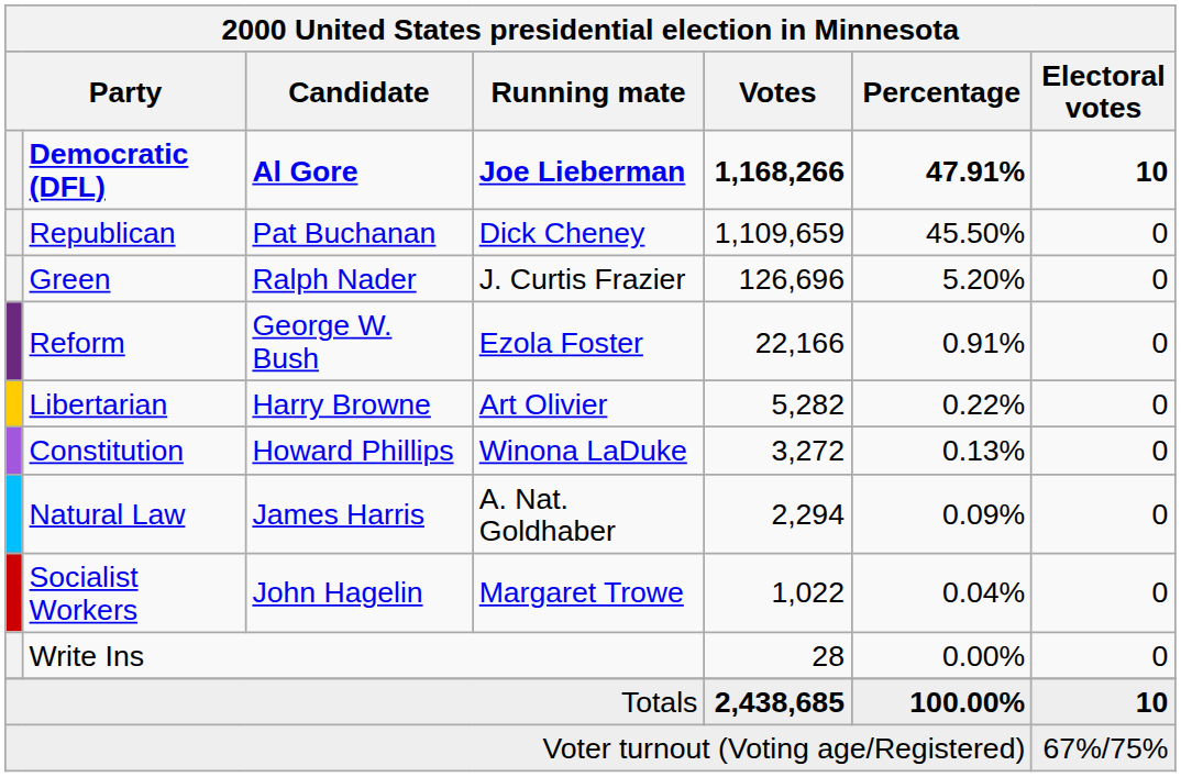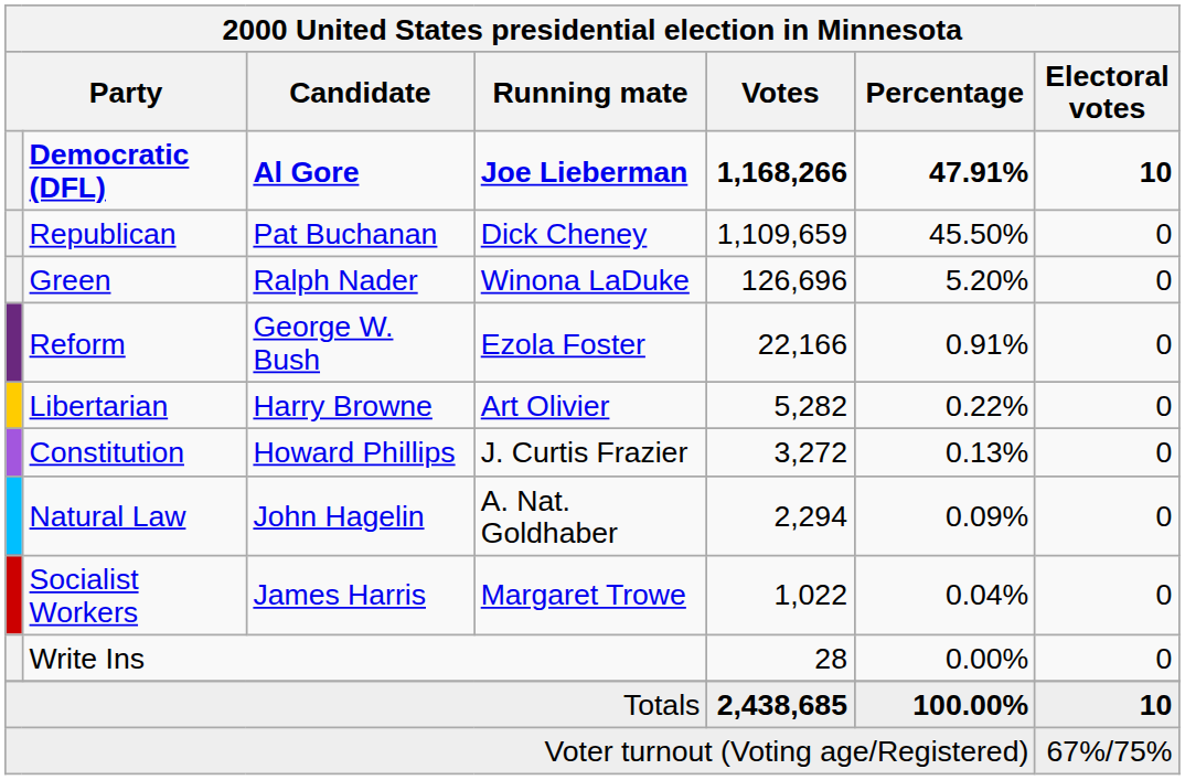 <table class="wikitable" style="font-size: 95%;">
 <tr>
 <th colspan="7">2000 United States presidential election in Minnesota</th>
 </tr>
 <tr>
 <th colspan="2" style="width: 15em">Party</th>
 <th style="width: 17em">Candidate</th>
 <th style="width: 17em">Running mate</th>
 <th style="width: 5em">Votes</th>
 <th style="width: 7em">Percentage</th>
 <th style="width: 5em">Electoral votes</th>
 </tr>
 <tr>
 <th style="background-color:"></th>
 <td style="width: 130px"><strong><a href='#'>Democratic (DFL)</a></strong></td>
 <td><strong><a href='#'>Al Gore</a></strong></td>
 <td><strong><a href='#'>Joe Lieberman</a></strong></td>
 <td align="right"><strong>1,168,266</strong></td>
 <td align="right"><strong>47.91%</strong></td>
 <td align="right"><strong>10</strong></td>
 </tr>
 <tr>
 <th style="background-color:"></th>
 <td style="width: 130px"><a href='#'>Republican</a></td>
 <td><a href='#'>Pat Buchanan</a></td>
 <td><a href='#'>Dick Cheney</a></td>
 <td align="right">1,109,659</td>
 <td align="right">45.50%</td>
 <td align="right">0</td>
 </tr>
 <tr>
 <th style="background-color:"></th>
 <td style="width: 130px"><a href='#'>Green</a></td>
 <td><a href='#'>Ralph Nader</a></td>
-<td>J. Curtis Frazier</td>
+<td><a href='#'>Winona LaDuke</a></td>
 <td align="right">126,696</td>
 <td align="right">5.20%</td>
 <td align="right">0</td>
 </tr>
 <tr>
 <th style="background-color:#6A287E; width: 3px"></th>
 <td style="width: 130px"><a href='#'>Reform</a></td>
 <td><a href='#'>George W. Bush</a></td>
 <td><a href='#'>Ezola Foster</a></td>
 <td align="right">22,166</td>
 <td align="right">0.91%</td>
 <td align="right">0</td>
 </tr>
 <tr>
 <th style="background-color:#FFCC00; width: 3px"></th>
 <td style="width: 130px"><a href='#'>Libertarian</a></td>
 <td><a href='#'>Harry Browne</a></td>
 <td><a href='#'>Art Olivier</a></td>
 <td align="right">5,282</td>
 <td align="right">0.22%</td>
 <td align="right">0</td>
 </tr>
 <tr>
 <th style="background-color:#a356de; width: 3px"></th>
 <td style="width: 130px"><a href='#'>Constitution</a></td>
 <td><a href='#'>Howard Phillips</a></td>
-<td><a href='#'>Winona LaDuke</a></td>
+<td>J. Curtis Frazier</td>
 <td align="right">3,272</td>
 <td align="right">0.13%</td>
 <td align="right">0</td>
 </tr>
 <tr>
 <th style="background-color:#00BFFF; width: 3px"></th>
 <td style="width: 130px"><a href='#'>Natural Law</a></td>
-<td><a href='#'>James Harris</a></td>
+<td><a href='#'>John Hagelin</a></td>
 <td>A. Nat. Goldhaber</td>
 <td align="right">2,294</td>
 <td align="right">0.09%</td>
 <td align="right">0</td>
 </tr>
 <tr>
 <th style="background-color:#CC0000; width: 3px"></th>
 <td style="width: 130px"><a href='#'>Socialist Workers</a></td>
-<td><a href='#'>John Hagelin</a></td>
+<td><a href='#'>James Harris</a></td>
 <td><a href='#'>Margaret Trowe</a></td>
 <td align="right">1,022</td>
 <td align="right">0.04%</td>
 <td align="right">0</td>
 </tr>
 <tr>
 <th style="background-color:#DDDDD; width: 3px"></th>
 <td colspan="3">Write Ins</td>
 <td align="right">28</td>
 <td align="right">0.00%</td>
 <td align="right">0</td>
 </tr>
 <tr>
 </tr>
 <tr bgcolor="#EEEEEE">
 <td colspan="4" align="right">Totals</td>
 <td align="right"><strong>2,438,685</strong></td>
 <td align="right"><strong>100.00%</strong></td>
 <td align="right"><strong>10</strong></td>
 </tr>
 <tr bgcolor="#EEEEEE">
 <td colspan="6" align="right">Voter turnout (Voting age/Registered)</td>
 <td colspan="1" align="right">67%/75%</td>
 </tr>
 </table>
